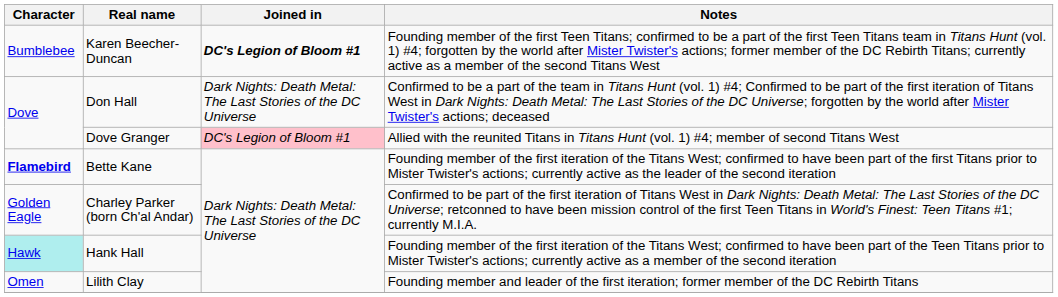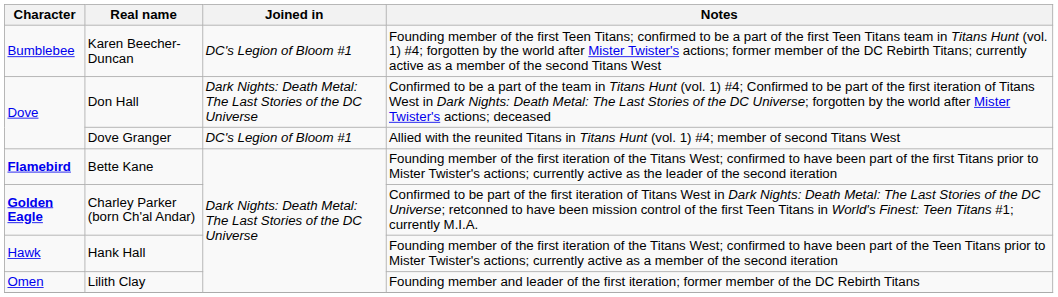 <table class="wikitable" width="100%">
 <tr>
 <th>Character</th>
 <th>Real name</th>
 <th>Joined in</th>
 <th>Notes</th>
 </tr>
 <tr>
 <td><a href='#'>Bumblebee</a></td>
 <td>Karen Beecher-Duncan</td>
-<td><strong><em>DC's Legion of Bloom #1</em></strong></td>
+<td><em>DC's Legion of Bloom #1</em></td>
 <td>Founding member of the first Teen Titans; confirmed to be a part of the first Teen Titans team in <em>Titans Hunt</em> (vol. 1) #4; forgotten by the world after <a href='#'>Mister Twister's</a> actions; former member of the DC Rebirth Titans; currently active as a member of the second Titans West</td>
 </tr>
 <tr>
 <td rowspan="2"><a href='#'>Dove</a></td>
 <td>Don Hall</td>
 <td><em>Dark Nights: Death Metal: The Last Stories of the DC Universe</em></td>
 <td>Confirmed to be a part of the team in <em>Titans Hunt</em> (vol. 1) #4; Confirmed to be part of the first iteration of Titans West in <em>Dark Nights: Death Metal: The Last Stories of the DC Universe</em>; forgotten by the world after <a href='#'>Mister Twister's</a> actions; deceased</td>
 </tr>
 <tr>
 <td>Dove Granger</td>
-<td style="background: pink;"><em>DC's Legion of Bloom #1</em></td>
+<td><em>DC's Legion of Bloom #1</em></td>
 <td>Allied with the reunited Titans in <em>Titans Hunt</em> (vol. 1) #4; member of second Titans West</td>
 </tr>
 <tr>
 <td><strong><a href='#'>Flamebird</a></strong></td>
 <td>Bette Kane</td>
 <td rowspan="4"><em>Dark Nights: Death Metal: The Last Stories of the DC Universe</em></td>
 <td>Founding member of the first iteration of the Titans West; confirmed to have been part of the first Titans prior to Mister Twister's actions; currently active as the leader of the second iteration</td>
 </tr>
 <tr>
-<td><a href='#'>Golden Eagle</a></td>
+<td><strong><a href='#'>Golden Eagle</a></strong></td>
 <td>Charley Parker (born Ch'al Andar)</td>
 <td>Confirmed to be part of the first iteration of Titans West in <em>Dark Nights: Death Metal: The Last Stories of the DC Universe</em>; retconned to have been mission control of the first Teen Titans in <em>World's Finest: Teen Titans</em> #1; currently M.I.A.</td>
 </tr>
 <tr>
-<td style="background: paleturquoise;"><a href='#'>Hawk</a></td>
+<td><a href='#'>Hawk</a></td>
 <td>Hank Hall</td>
 <td>Founding member of the first iteration of the Titans West; confirmed to have been part of the Teen Titans prior to Mister Twister's actions; currently active as a member of the second iteration</td>
 </tr>
 <tr>
 <td><a href='#'>Omen</a></td>
 <td>Lilith Clay</td>
 <td>Founding member and leader of the first iteration; former member of the DC Rebirth Titans</td>
 </tr>
 <tr>
 </tr>
 </table>
